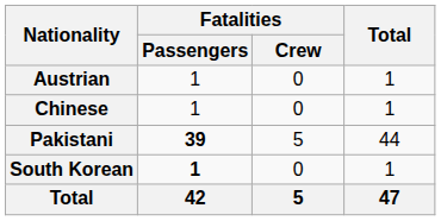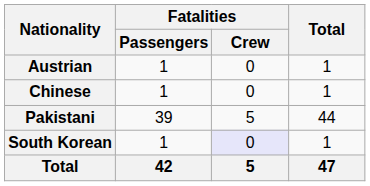 <table class="wikitable plainrowheaders floatright" style="text-align:center;">
 <tr>
 <th rowspan=2>Nationality</th>
 <th colspan=2>Fatalities</th>
 <th rowspan="2" style="width:70px;">Total</th>
 </tr>
 <tr>
 <th style="width:70px;">Passengers</th>
 <th style="width:70px;">Crew</th>
 </tr>
 <tr>
 <th scope="row">Austrian</th>
 <td>1</td>
 <td>0</td>
 <td>1</td>
 </tr>
 <tr>
 <th scope="row">Chinese</th>
 <td>1</td>
 <td>0</td>
 <td>1</td>
 </tr>
 <tr>
 <th scope="row">Pakistani</th>
-<td><strong>39</strong></td>
+<td>39</td>
 <td>5</td>
 <td>44</td>
 </tr>
 <tr>
 <th scope="row">South Korean</th>
-<td><strong>1</strong></td>
-<td>0</td>
+<td>1</td>
+<td style="background: lavender;">0</td>
 <td>1</td>
 </tr>
 <tr>
 <th scope="row">Total</th>
 <th>42</th>
 <th>5</th>
 <th>47</th>
 </tr>
 </table>
